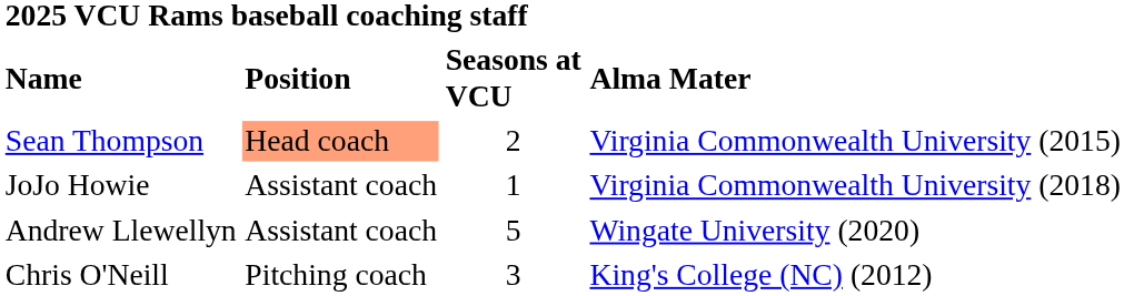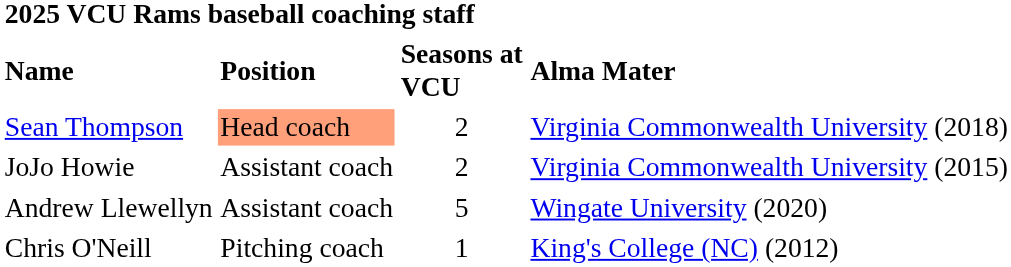 <table class="toccolours" style="text-align: left; font-size:90%;">
 <tr>
 <th colspan="4">2025 VCU Rams baseball coaching staff</th>
 </tr>
 <tr>
 <th>Name</th>
 <th>Position</th>
 <th>Seasons at<br>VCU</th>
 <th>Alma Mater</th>
 </tr>
 <tr>
 <td><a href='#'>Sean Thompson</a></td>
 <td style="background: lightsalmon;">Head coach</td>
 <td align=center>2</td>
-<td><a href='#'>Virginia Commonwealth University</a> (2015)</td>
+<td><a href='#'>Virginia Commonwealth University</a> (2018)</td>
 </tr>
 <tr>
 <td>JoJo Howie</td>
 <td>Assistant coach</td>
-<td align=center>1</td>
-<td><a href='#'>Virginia Commonwealth University</a> (2018)</td>
+<td align=center>2</td>
+<td><a href='#'>Virginia Commonwealth University</a> (2015)</td>
 </tr>
 <tr>
 <td>Andrew Llewellyn</td>
 <td>Assistant coach</td>
 <td align=center>5</td>
 <td><a href='#'>Wingate University</a> (2020)</td>
 </tr>
 <tr>
 <td>Chris O'Neill</td>
 <td>Pitching coach</td>
-<td align=center>3</td>
+<td align=center>1</td>
 <td><a href='#'>King's College (NC)</a> (2012)</td>
 </tr>
 </table>
